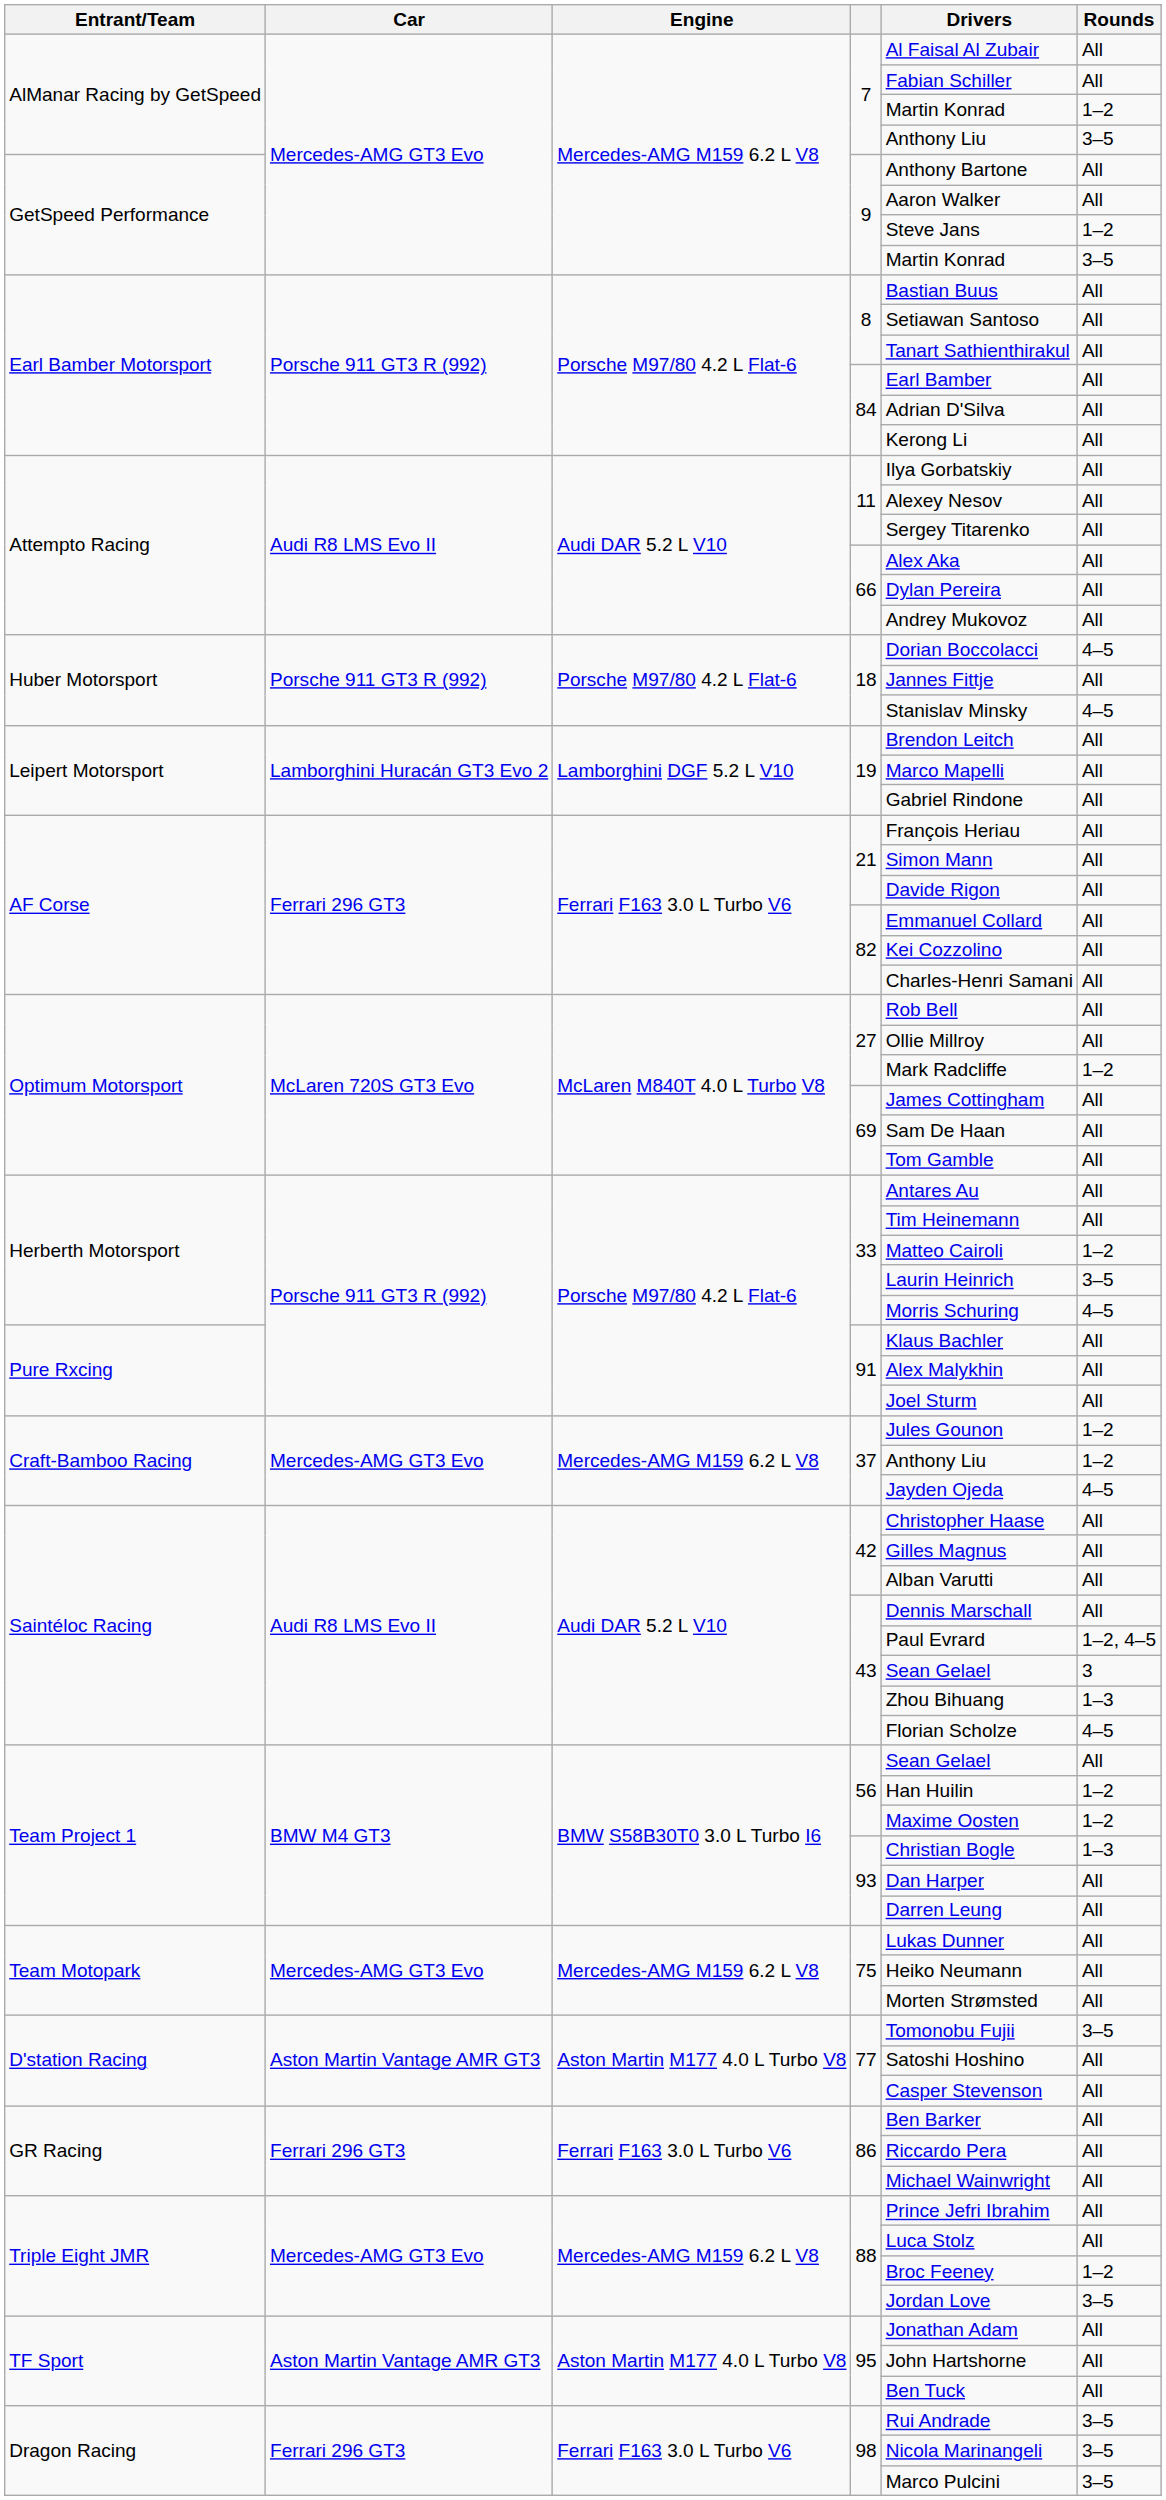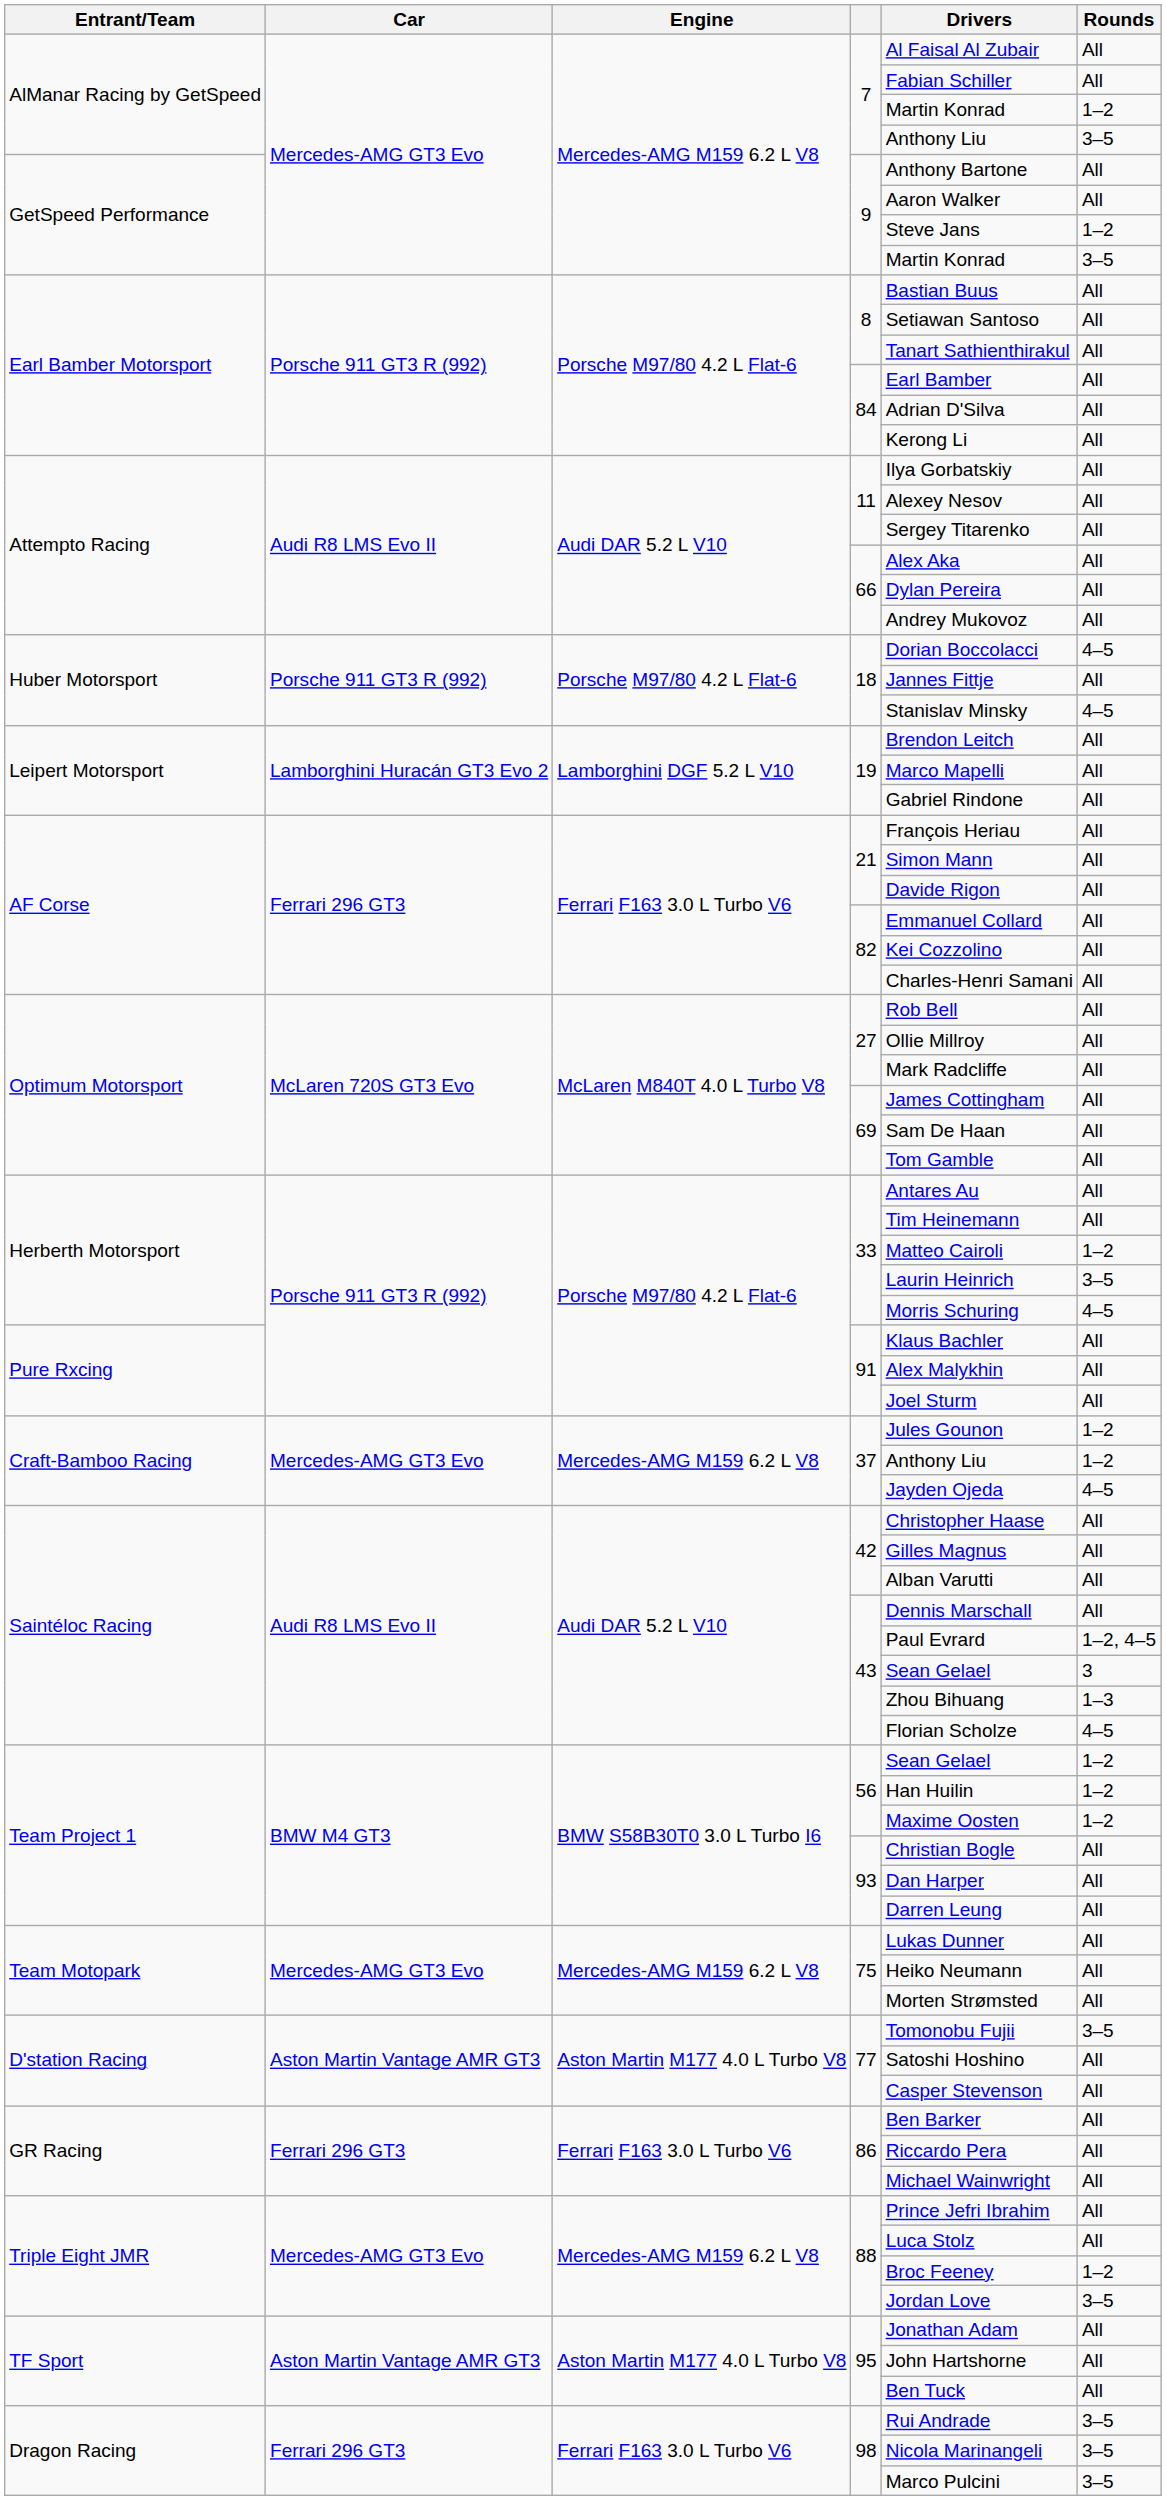 <table class="wikitable" style="font-size: 85%">
 <tr>
 <th>Entrant/Team</th>
 <th>Car</th>
 <th>Engine</th>
 <th></th>
 <th>Drivers</th>
 <th>Rounds</th>
 </tr>
 <tr>
 <td rowspan="4"> AlManar Racing by GetSpeed</td>
 <td rowspan="8"><a href='#'>Mercedes-AMG GT3 Evo</a></td>
 <td rowspan="8"><a href='#'>Mercedes-AMG M159</a> 6.2 L <a href='#'>V8</a></td>
 <td rowspan="4" align="center">7</td>
 <td> <a href='#'>Al Faisal Al Zubair</a></td>
 <td>All</td>
 </tr>
 <tr>
 <td> <a href='#'>Fabian Schiller</a></td>
 <td>All</td>
 </tr>
 <tr>
 <td> Martin Konrad</td>
 <td>1–2</td>
 </tr>
 <tr>
 <td> Anthony Liu</td>
 <td>3–5</td>
 </tr>
 <tr>
 <td rowspan="4"> GetSpeed Performance</td>
 <td rowspan="4" align="center">9</td>
 <td> Anthony Bartone</td>
 <td>All</td>
 </tr>
 <tr>
 <td> Aaron Walker</td>
 <td>All</td>
 </tr>
 <tr>
 <td> Steve Jans</td>
 <td>1–2</td>
 </tr>
 <tr>
 <td> Martin Konrad</td>
 <td>3–5</td>
 </tr>
 <tr>
 <td rowspan="6"> <a href='#'>Earl Bamber Motorsport</a></td>
 <td rowspan="6"><a href='#'>Porsche 911 GT3 R (992)</a></td>
 <td rowspan="6"><a href='#'>Porsche</a> <a href='#'>M97/80</a> 4.2 L <a href='#'>Flat-6</a></td>
 <td rowspan="3" align="center">8</td>
 <td> <a href='#'>Bastian Buus</a></td>
 <td>All</td>
 </tr>
 <tr>
 <td> Setiawan Santoso</td>
 <td>All</td>
 </tr>
 <tr>
 <td> <a href='#'>Tanart Sathienthirakul</a></td>
 <td>All</td>
 </tr>
 <tr>
 <td rowspan="3" align="center">84</td>
 <td> <a href='#'>Earl Bamber</a></td>
 <td>All</td>
 </tr>
 <tr>
 <td> Adrian D'Silva</td>
 <td>All</td>
 </tr>
 <tr>
 <td> Kerong Li</td>
 <td>All</td>
 </tr>
 <tr>
 <td rowspan="6"> Attempto Racing</td>
 <td rowspan="6"><a href='#'>Audi R8 LMS Evo II</a></td>
 <td rowspan="6"><a href='#'>Audi DAR</a> 5.2 L <a href='#'>V10</a></td>
 <td rowspan="3" align="center">11</td>
 <td> Ilya Gorbatskiy</td>
 <td>All</td>
 </tr>
 <tr>
 <td> Alexey Nesov</td>
 <td>All</td>
 </tr>
 <tr>
 <td> Sergey Titarenko</td>
 <td>All</td>
 </tr>
 <tr>
 <td rowspan="3" align="center">66</td>
 <td> <a href='#'>Alex Aka</a></td>
 <td>All</td>
 </tr>
 <tr>
 <td> <a href='#'>Dylan Pereira</a></td>
 <td>All</td>
 </tr>
 <tr>
 <td> Andrey Mukovoz</td>
 <td>All</td>
 </tr>
 <tr>
 <td rowspan="3"> Huber Motorsport</td>
 <td rowspan="3"><a href='#'>Porsche 911 GT3 R (992)</a></td>
 <td rowspan="3"><a href='#'>Porsche</a> <a href='#'>M97/80</a> 4.2 L <a href='#'>Flat-6</a></td>
 <td rowspan="3" align="center">18</td>
 <td> <a href='#'>Dorian Boccolacci</a></td>
 <td>4–5</td>
 </tr>
 <tr>
 <td> <a href='#'>Jannes Fittje</a></td>
 <td>All</td>
 </tr>
 <tr>
 <td> Stanislav Minsky</td>
 <td>4–5</td>
 </tr>
 <tr>
 <td rowspan="3"> Leipert Motorsport</td>
 <td rowspan="3"><a href='#'>Lamborghini Huracán GT3 Evo 2</a></td>
 <td rowspan="3"><a href='#'>Lamborghini</a> <a href='#'>DGF</a> 5.2 L <a href='#'>V10</a></td>
 <td rowspan="3" align="center">19</td>
 <td> <a href='#'>Brendon Leitch</a></td>
 <td>All</td>
 </tr>
 <tr>
 <td> <a href='#'>Marco Mapelli</a></td>
 <td>All</td>
 </tr>
 <tr>
 <td> Gabriel Rindone</td>
 <td>All</td>
 </tr>
 <tr>
 <td rowspan="6"> <a href='#'>AF Corse</a></td>
 <td rowspan="6"><a href='#'>Ferrari 296 GT3</a></td>
 <td rowspan="6"><a href='#'>Ferrari</a> <a href='#'>F163</a> 3.0 L Turbo <a href='#'>V6</a></td>
 <td rowspan="3" align="center">21</td>
 <td> François Heriau</td>
 <td>All</td>
 </tr>
 <tr>
 <td> <a href='#'>Simon Mann</a></td>
 <td>All</td>
 </tr>
 <tr>
 <td> <a href='#'>Davide Rigon</a></td>
 <td>All</td>
 </tr>
 <tr>
 <td rowspan="3" align="center">82</td>
 <td> <a href='#'>Emmanuel Collard</a></td>
 <td>All</td>
 </tr>
 <tr>
 <td> <a href='#'>Kei Cozzolino</a></td>
 <td>All</td>
 </tr>
 <tr>
 <td> Charles-Henri Samani</td>
 <td>All</td>
 </tr>
 <tr>
 <td rowspan="6"> <a href='#'>Optimum Motorsport</a></td>
 <td rowspan="6"><a href='#'>McLaren 720S GT3 Evo</a></td>
 <td rowspan="6"><a href='#'>McLaren</a> <a href='#'>M840T</a> 4.0 L <a href='#'>Turbo</a> <a href='#'>V8</a></td>
 <td rowspan="3" align="center">27</td>
 <td> <a href='#'>Rob Bell</a></td>
 <td>All</td>
 </tr>
 <tr>
 <td> Ollie Millroy</td>
 <td>All</td>
 </tr>
 <tr>
 <td> Mark Radcliffe</td>
-<td>1–2</td>
+<td>All</td>
 </tr>
 <tr>
 <td rowspan="3" align="center">69</td>
 <td> <a href='#'>James Cottingham</a></td>
 <td>All</td>
 </tr>
 <tr>
 <td> Sam De Haan</td>
 <td>All</td>
 </tr>
 <tr>
 <td> <a href='#'>Tom Gamble</a></td>
 <td>All</td>
 </tr>
 <tr>
 <td rowspan="5"> Herberth Motorsport</td>
 <td rowspan="8"><a href='#'>Porsche 911 GT3 R (992)</a></td>
 <td rowspan="8"><a href='#'>Porsche</a> <a href='#'>M97/80</a> 4.2 L <a href='#'>Flat-6</a></td>
 <td rowspan="5" align="center">33</td>
 <td> <a href='#'>Antares Au</a></td>
 <td>All</td>
 </tr>
 <tr>
 <td> <a href='#'>Tim Heinemann</a></td>
 <td>All</td>
 </tr>
 <tr>
 <td> <a href='#'>Matteo Cairoli</a></td>
 <td>1–2</td>
 </tr>
 <tr>
 <td> <a href='#'>Laurin Heinrich</a></td>
 <td>3–5</td>
 </tr>
 <tr>
 <td> <a href='#'>Morris Schuring</a></td>
 <td>4–5</td>
 </tr>
 <tr>
 <td rowspan="3"> <a href='#'>Pure Rxcing</a></td>
 <td rowspan="3" align="center">91</td>
 <td> <a href='#'>Klaus Bachler</a></td>
 <td>All</td>
 </tr>
 <tr>
 <td> <a href='#'>Alex Malykhin</a></td>
 <td>All</td>
 </tr>
 <tr>
 <td> <a href='#'>Joel Sturm</a></td>
 <td>All</td>
 </tr>
 <tr>
 <td rowspan="3"> <a href='#'>Craft-Bamboo Racing</a></td>
 <td rowspan="3"><a href='#'>Mercedes-AMG GT3 Evo</a></td>
 <td rowspan="3"><a href='#'>Mercedes-AMG M159</a> 6.2 L <a href='#'>V8</a></td>
 <td rowspan="3" align="center">37</td>
 <td> <a href='#'>Jules Gounon</a></td>
 <td>1–2</td>
 </tr>
 <tr>
 <td> Anthony Liu</td>
 <td>1–2</td>
 </tr>
 <tr>
 <td> <a href='#'>Jayden Ojeda</a></td>
 <td>4–5</td>
 </tr>
 <tr>
 <td rowspan="8"> <a href='#'>Saintéloc Racing</a></td>
 <td rowspan="8"><a href='#'>Audi R8 LMS Evo II</a></td>
 <td rowspan="8"><a href='#'>Audi DAR</a> 5.2 L <a href='#'>V10</a></td>
 <td rowspan="3" align="center">42</td>
 <td> <a href='#'>Christopher Haase</a></td>
 <td>All</td>
 </tr>
 <tr>
 <td> <a href='#'>Gilles Magnus</a></td>
 <td>All</td>
 </tr>
 <tr>
 <td> Alban Varutti</td>
 <td>All</td>
 </tr>
 <tr>
 <td rowspan="5" align="center">43</td>
 <td> <a href='#'>Dennis Marschall</a></td>
 <td>All</td>
 </tr>
 <tr>
 <td> Paul Evrard</td>
 <td>1–2, 4–5</td>
 </tr>
 <tr>
 <td> <a href='#'>Sean Gelael</a></td>
 <td>3</td>
 </tr>
 <tr>
 <td> Zhou Bihuang</td>
 <td>1–3</td>
 </tr>
 <tr>
 <td> Florian Scholze</td>
 <td>4–5</td>
 </tr>
 <tr>
 <td rowspan="6"> <a href='#'>Team Project 1</a></td>
 <td rowspan="6"><a href='#'>BMW M4 GT3</a></td>
 <td rowspan="6"><a href='#'>BMW</a> <a href='#'>S58B30T0</a> 3.0 L Turbo <a href='#'>I6</a></td>
 <td rowspan="3" align="center">56</td>
 <td> <a href='#'>Sean Gelael</a></td>
-<td>All</td>
+<td>1–2</td>
 </tr>
 <tr>
 <td> Han Huilin</td>
 <td>1–2</td>
 </tr>
 <tr>
 <td> <a href='#'>Maxime Oosten</a></td>
 <td>1–2</td>
 </tr>
 <tr>
 <td rowspan="3" align="center">93</td>
 <td> <a href='#'>Christian Bogle</a></td>
-<td>1–3</td>
+<td>All</td>
 </tr>
 <tr>
 <td> <a href='#'>Dan Harper</a></td>
 <td>All</td>
 </tr>
 <tr>
 <td> <a href='#'>Darren Leung</a></td>
 <td>All</td>
 </tr>
 <tr>
 <td rowspan="3"> <a href='#'>Team Motopark</a></td>
 <td rowspan="3"><a href='#'>Mercedes-AMG GT3 Evo</a></td>
 <td rowspan="3"><a href='#'>Mercedes-AMG M159</a> 6.2 L <a href='#'>V8</a></td>
 <td rowspan="3" align="center">75</td>
 <td> <a href='#'>Lukas Dunner</a></td>
 <td>All</td>
 </tr>
 <tr>
 <td> Heiko Neumann</td>
 <td>All</td>
 </tr>
 <tr>
 <td> Morten Strømsted</td>
 <td>All</td>
 </tr>
 <tr>
 <td rowspan="3"> <a href='#'>D'station Racing</a></td>
 <td rowspan="3"><a href='#'>Aston Martin Vantage AMR GT3</a></td>
 <td rowspan="3"><a href='#'>Aston Martin</a> <a href='#'>M177</a> 4.0 L Turbo <a href='#'>V8</a></td>
 <td rowspan="3" align="center">77</td>
 <td> <a href='#'>Tomonobu Fujii</a></td>
 <td>3–5</td>
 </tr>
 <tr>
 <td> Satoshi Hoshino</td>
 <td>All</td>
 </tr>
 <tr>
 <td> <a href='#'>Casper Stevenson</a></td>
 <td>All</td>
 </tr>
 <tr>
 <td rowspan="3"> GR Racing</td>
 <td rowspan="3"><a href='#'>Ferrari 296 GT3</a></td>
 <td rowspan="3"><a href='#'>Ferrari</a> <a href='#'>F163</a> 3.0 L Turbo <a href='#'>V6</a></td>
 <td rowspan="3" align="center">86</td>
 <td> <a href='#'>Ben Barker</a></td>
 <td>All</td>
 </tr>
 <tr>
 <td> <a href='#'>Riccardo Pera</a></td>
 <td>All</td>
 </tr>
 <tr>
 <td> <a href='#'>Michael Wainwright</a></td>
 <td>All</td>
 </tr>
 <tr>
 <td rowspan="4"> <a href='#'>Triple Eight JMR</a></td>
 <td rowspan="4"><a href='#'>Mercedes-AMG GT3 Evo</a></td>
 <td rowspan="4"><a href='#'>Mercedes-AMG M159</a> 6.2 L <a href='#'>V8</a></td>
 <td rowspan="4" align="center">88</td>
 <td> <a href='#'>Prince Jefri Ibrahim</a></td>
 <td>All</td>
 </tr>
 <tr>
 <td> <a href='#'>Luca Stolz</a></td>
 <td>All</td>
 </tr>
 <tr>
 <td> <a href='#'>Broc Feeney</a></td>
 <td>1–2</td>
 </tr>
 <tr>
 <td> <a href='#'>Jordan Love</a></td>
 <td>3–5</td>
 </tr>
 <tr>
 <td rowspan="3"> <a href='#'>TF Sport</a></td>
 <td rowspan="3"><a href='#'>Aston Martin Vantage AMR GT3</a></td>
 <td rowspan="3"><a href='#'>Aston Martin</a> <a href='#'>M177</a> 4.0 L Turbo <a href='#'>V8</a></td>
 <td rowspan="3" align="center">95</td>
 <td> <a href='#'>Jonathan Adam</a></td>
 <td>All</td>
 </tr>
 <tr>
 <td> John Hartshorne</td>
 <td>All</td>
 </tr>
 <tr>
 <td> <a href='#'>Ben Tuck</a></td>
 <td>All</td>
 </tr>
 <tr>
 <td rowspan="3"> Dragon Racing</td>
 <td rowspan="3"><a href='#'>Ferrari 296 GT3</a></td>
 <td rowspan="3"><a href='#'>Ferrari</a> <a href='#'>F163</a> 3.0 L Turbo <a href='#'>V6</a></td>
 <td rowspan="3" align="center">98</td>
 <td> <a href='#'>Rui Andrade</a></td>
 <td>3–5</td>
 </tr>
 <tr>
 <td> <a href='#'>Nicola Marinangeli</a></td>
 <td>3–5</td>
 </tr>
 <tr>
 <td> Marco Pulcini</td>
 <td>3–5</td>
 </tr>
 </table>
